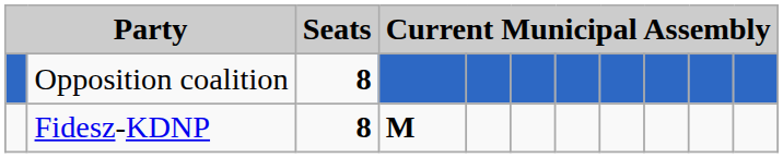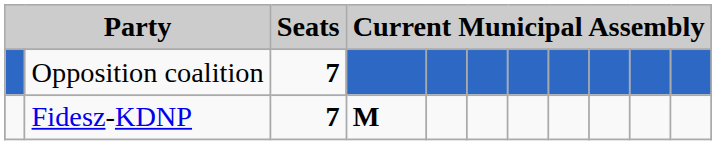 <table class="wikitable">
 <tr>
 <th style="background:#ccc" colspan="2">Party</th>
 <th style="background:#ccc">Seats</th>
 <th style="background:#ccc" colspan="8">Current Municipal Assembly</th>
 </tr>
 <tr>
 <td style="background-color: #2D68C4"> </td>
 <td>Opposition coalition</td>
-<td style="text-align: right"><strong>8</strong></td>
+<td style="text-align: right"><strong>7</strong></td>
 <td style="background-color: #2D68C4"> </td>
 <td style="background-color: #2D68C4"> </td>
 <td style="background-color: #2D68C4"> </td>
 <td style="background-color: #2D68C4"> </td>
 <td style="background-color: #2D68C4"> </td>
 <td style="background-color: #2D68C4"> </td>
 <td style="background-color: #2D68C4"> </td>
 <td style="background-color: #2D68C4"> </td>
 </tr>
 <tr>
 <td style="background-color: "> </td>
 <td><a href='#'>Fidesz</a>-<a href='#'>KDNP</a></td>
-<td style="text-align: right"><strong>8</strong></td>
+<td style="text-align: right"><strong>7</strong></td>
 <td style="background-color: "><span><strong>M</strong></span></td>
 <td style="background-color: "> </td>
 <td style="background-color: "> </td>
 <td style="background-color: "> </td>
 <td style="background-color: "> </td>
 <td style="background-color: "> </td>
 <td style="background-color: "> </td>
 <td> </td>
 </tr>
 </table>
